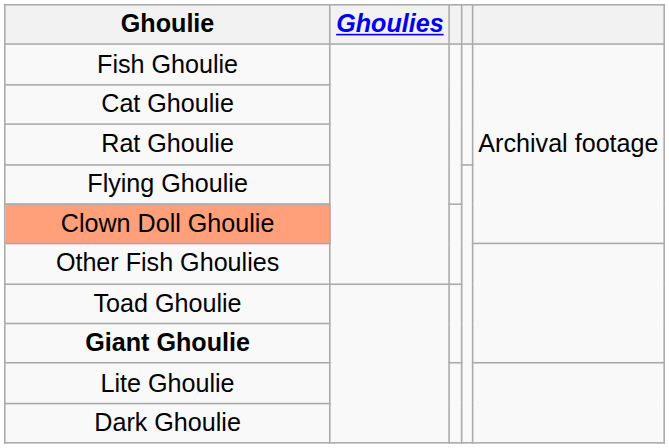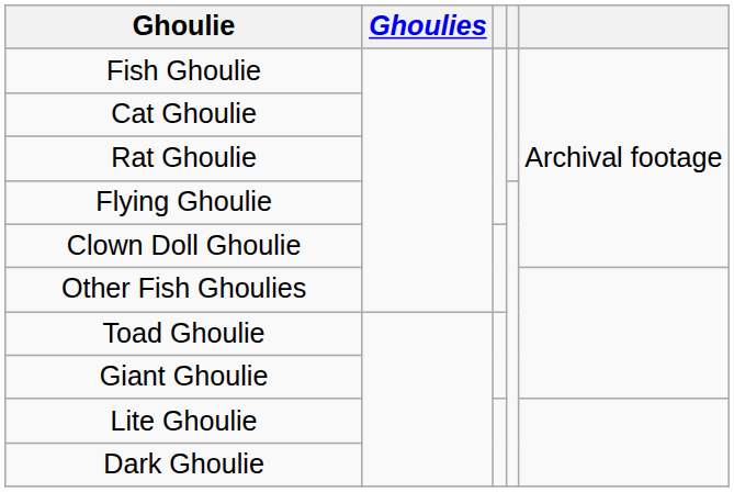 <table class="wikitable sortable">
 <tr>
 <th width=200>Ghoulie</th>
 <th align=center><em><a href='#'>Ghoulies</a></em></th>
 <th align=center></th>
 <th align=center></th>
 <th align=center></th>
 </tr>
 <tr>
 <td align="center">Fish Ghoulie</td>
 <td rowspan="6" align="center"></td>
 <td rowspan="4" align="center"></td>
 <td rowspan="3" align="center"></td>
 <td rowspan="5" align="center">Archival footage</td>
 </tr>
 <tr>
 <td align="center">Cat Ghoulie</td>
 </tr>
 <tr>
 <td align="center">Rat Ghoulie</td>
 </tr>
 <tr>
 <td align="center">Flying Ghoulie</td>
 <td rowspan="7" align="center"></td>
 </tr>
 <tr>
-<td align="center" style="background: lightsalmon;">Clown Doll Ghoulie</td>
+<td align="center">Clown Doll Ghoulie</td>
 <td rowspan="2" align="center"></td>
 </tr>
 <tr>
 <td align="center">Other Fish Ghoulies</td>
 <td rowspan="3" align="center"></td>
 </tr>
 <tr>
 <td align="center">Toad Ghoulie</td>
 <td rowspan="4" align="center"></td>
 <td rowspan="2" align="center"></td>
 </tr>
 <tr>
-<td align="center"><strong>Giant Ghoulie</strong></td>
+<td align="center">Giant Ghoulie</td>
 </tr>
 <tr>
 <td align="center">Lite Ghoulie</td>
 <td rowspan="2" align="center"></td>
 <td rowspan="2" align="center"></td>
 </tr>
 <tr>
 <td align="center">Dark Ghoulie</td>
 </tr>
 </table>
